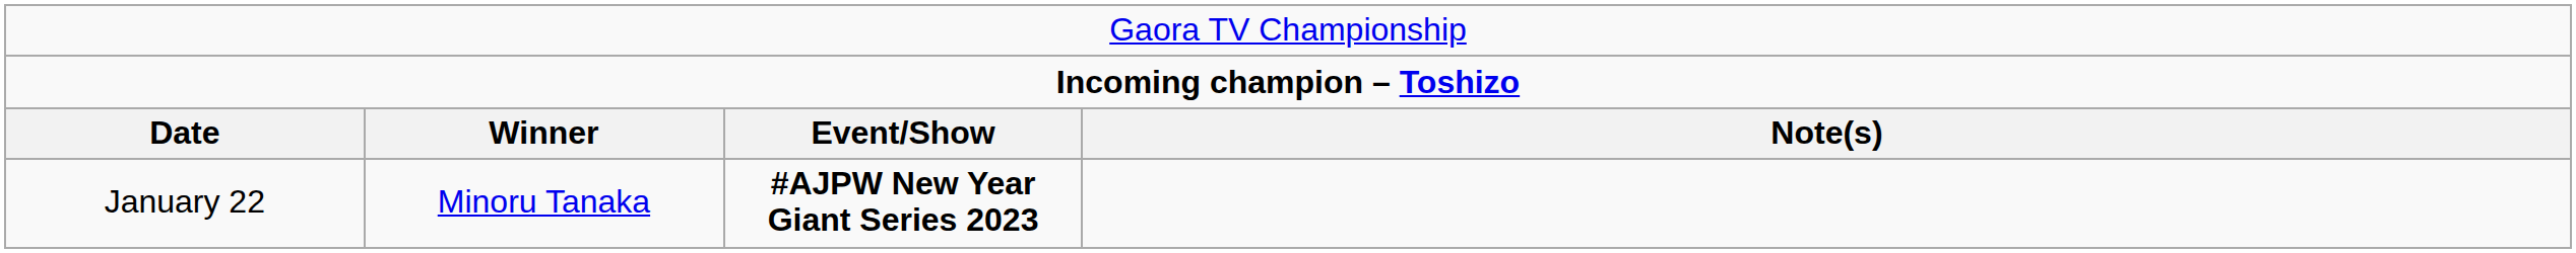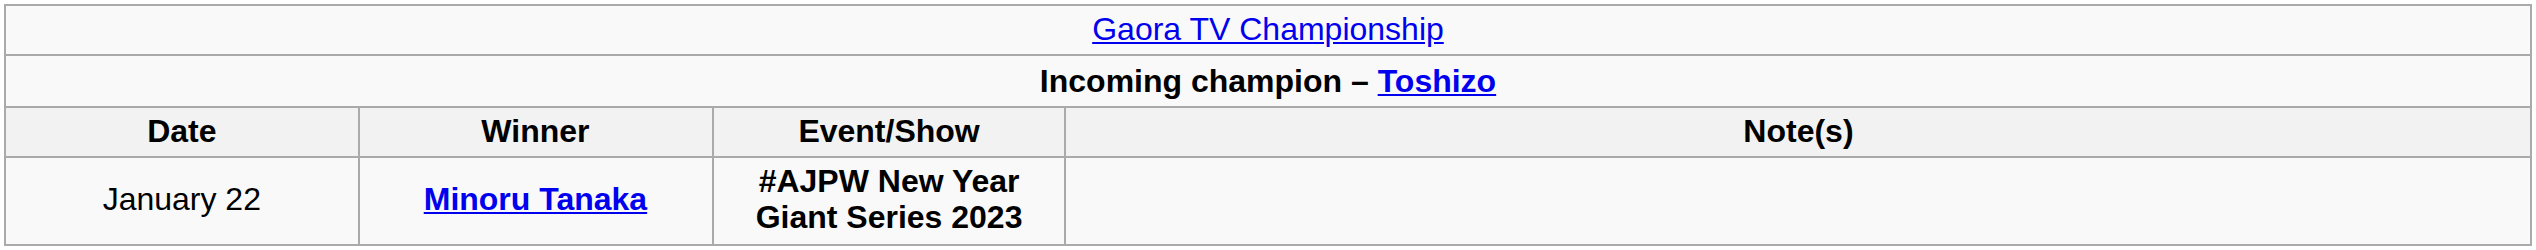 <table class="wikitable" style="text-align:center; width:100%;">
 <tr>
 <td colspan="5" style="text-align: center;"><a href='#'>Gaora TV Championship</a></td>
 </tr>
 <tr>
 <td colspan="5" style="text-align: center;"><strong>Incoming champion – <a href='#'>Toshizo</a></strong></td>
 </tr>
 <tr>
 <th width=14%>Date</th>
 <th width=14%>Winner</th>
 <th width=14%>Event/Show</th>
 <th width=58%>Note(s)</th>
 </tr>
 <tr>
 <td>January 22</td>
-<td><a href='#'>Minoru Tanaka</a></td>
+<td><strong><a href='#'>Minoru Tanaka</a></strong></td>
 <td><strong>#AJPW New Year Giant Series 2023<br></strong></td>
 <td></td>
 </tr>
 </table>
